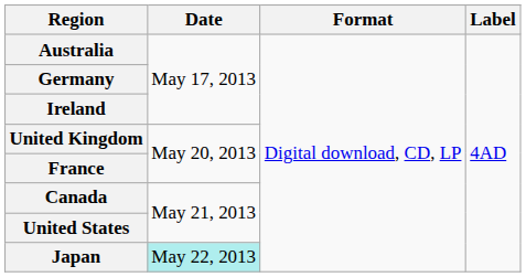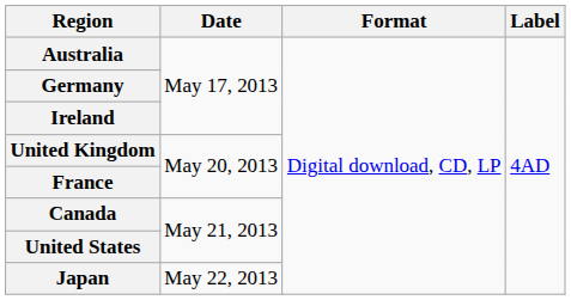 <table class="wikitable plainrowheaders">
 <tr>
 <th>Region</th>
 <th>Date</th>
 <th>Format</th>
 <th>Label</th>
 </tr>
 <tr>
 <th scope="row">Australia</th>
 <td rowspan="3">May 17, 2013</td>
 <td rowspan="8"><a href='#'>Digital download</a>, <a href='#'>CD</a>, <a href='#'>LP</a></td>
 <td rowspan="8"><a href='#'>4AD</a></td>
 </tr>
 <tr>
 <th scope="row">Germany</th>
 </tr>
 <tr>
 <th scope="row">Ireland</th>
 </tr>
 <tr>
 <th scope="row">United Kingdom</th>
 <td rowspan="2">May 20, 2013</td>
 </tr>
 <tr>
 <th scope="row">France</th>
 </tr>
 <tr>
 <th scope="row">Canada</th>
 <td rowspan="2">May 21, 2013</td>
 </tr>
 <tr>
 <th scope="row">United States</th>
 </tr>
 <tr>
 <th scope="row">Japan</th>
-<td style="background: paleturquoise;">May 22, 2013</td>
+<td>May 22, 2013</td>
 </tr>
 </table>
